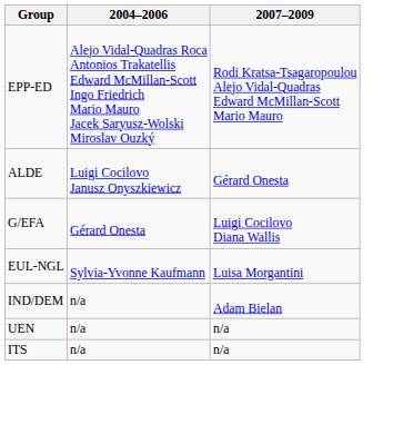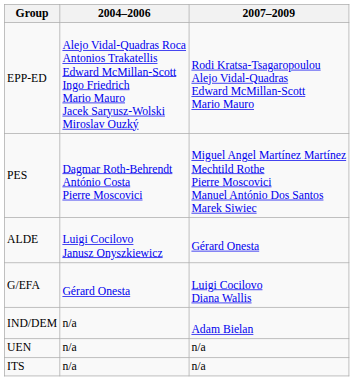 <table class="wikitable">
 <tr>
 <th>Group</th>
 <th>2004–2006</th>
 <th>2007–2009</th>
 </tr>
 <tr>
 <td>EPP-ED</td>
 <td><br><a href='#'>Alejo Vidal-Quadras Roca</a><br> <a href='#'>Antonios Trakatellis</a><br> <a href='#'>Edward McMillan-Scott</a><br> <a href='#'>Ingo Friedrich</a><br> <a href='#'>Mario Mauro</a><br> <a href='#'>Jacek Saryusz-Wolski</a><br> <a href='#'>Miroslav Ouzký</a></td>
 <td><br><a href='#'>Rodi Kratsa-Tsagaropoulou</a><br> <a href='#'>Alejo Vidal-Quadras</a><br> <a href='#'>Edward McMillan-Scott</a><br> <a href='#'>Mario Mauro</a></td>
 </tr>
 <tr>
+<td>PES</td>
+<td><br><a href='#'>Dagmar Roth-Behrendt</a><br> <a href='#'>António Costa</a><br> <a href='#'>Pierre Moscovici</a></td>
+<td><br><a href='#'>Miguel Angel Martínez Martínez</a><br> <a href='#'>Mechtild Rothe</a><br> <a href='#'>Pierre Moscovici</a><br> <a href='#'>Manuel António Dos Santos</a><br> <a href='#'>Marek Siwiec</a></td>
+</tr>
+<tr>
 <td>ALDE</td>
 <td><br><a href='#'>Luigi Cocilovo</a><br> <a href='#'>Janusz Onyszkiewicz</a></td>
 <td><br><a href='#'>Gérard Onesta</a></td>
 </tr>
 <tr>
 <td>G/EFA</td>
 <td><br><a href='#'>Gérard Onesta</a></td>
 <td><br><a href='#'>Luigi Cocilovo</a><br> <a href='#'>Diana Wallis</a></td>
-</tr>
-<tr>
-<td>EUL-NGL</td>
-<td><br><a href='#'>Sylvia-Yvonne Kaufmann</a></td>
-<td><br><a href='#'>Luisa Morgantini</a></td>
 </tr>
 <tr>
 <td>IND/DEM</td>
 <td>n/a</td>
 <td><br><a href='#'>Adam Bielan</a></td>
 </tr>
 <tr>
 <td>UEN</td>
 <td>n/a</td>
 <td>n/a</td>
 </tr>
 <tr>
 <td>ITS</td>
 <td>n/a</td>
 <td>n/a</td>
 </tr>
 </table>
